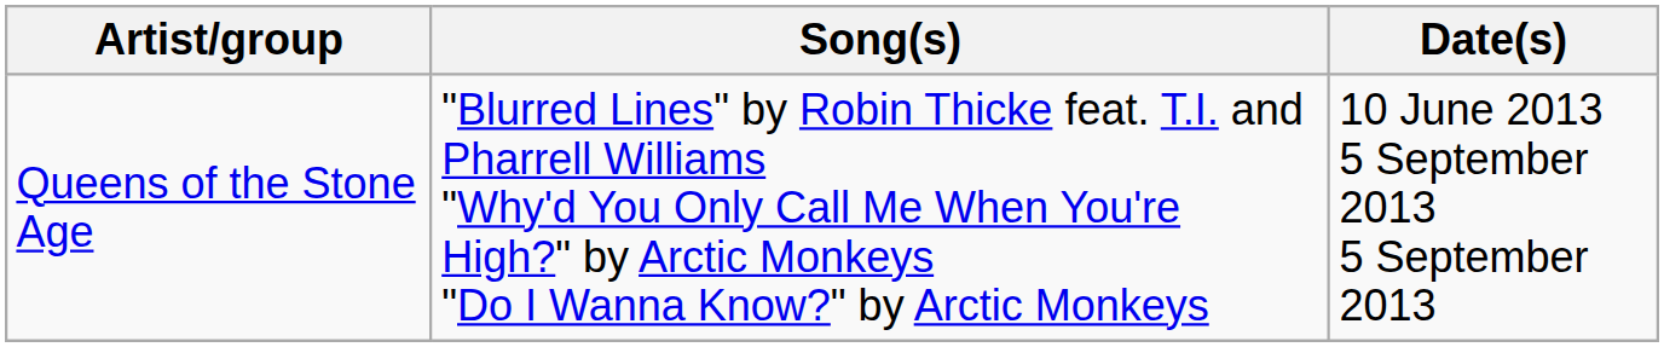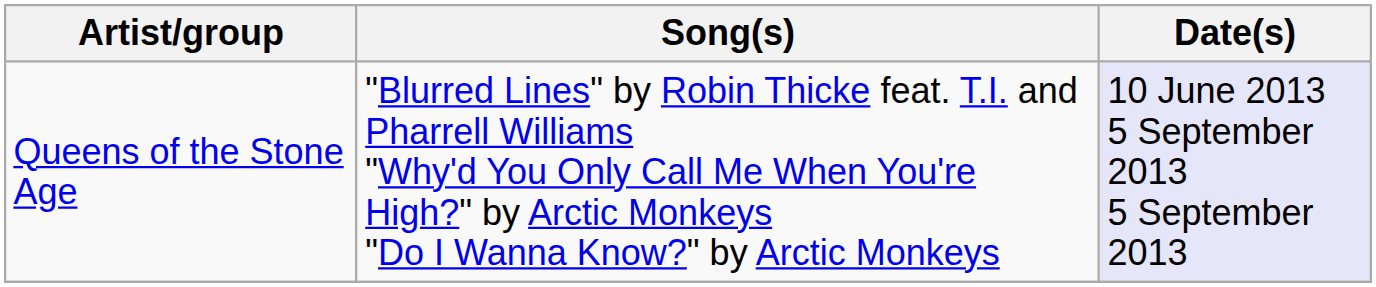 <table class="wikitable">
 <tr>
 <th>Artist/group</th>
 <th>Song(s)</th>
 <th>Date(s)</th>
 </tr>
 <tr>
 <td><a href='#'>Queens of the Stone Age</a></td>
 <td>"<a href='#'>Blurred Lines</a>" by <a href='#'>Robin Thicke</a> feat. <a href='#'>T.I.</a> and <a href='#'>Pharrell Williams</a><br>"<a href='#'>Why'd You Only Call Me When You're High?</a>" by <a href='#'>Arctic Monkeys</a><br>"<a href='#'>Do I Wanna Know?</a>" by <a href='#'>Arctic Monkeys</a></td>
-<td>10 June 2013<br>5 September 2013<br>5 September 2013</td>
+<td style="background: lavender;">10 June 2013<br>5 September 2013<br>5 September 2013</td>
 </tr>
 <tr>
 </tr>
 </table>
